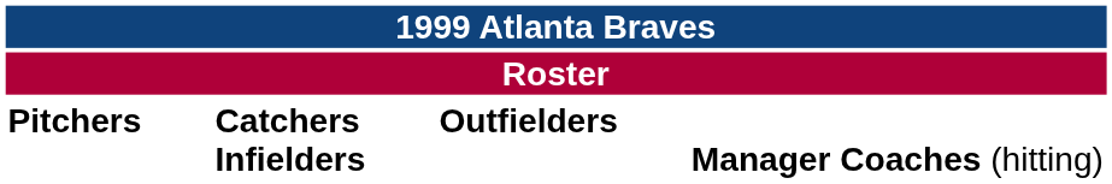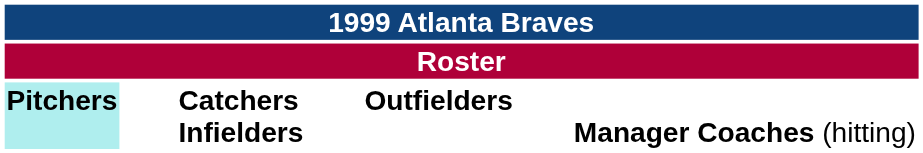 <table class="toccolours" style="font-size: 95%;">
 <tr>
 <th colspan="10" style="background-color: #0f437c; color: #FFFFFF; text-align: center;">1999 Atlanta Braves</th>
 </tr>
 <tr>
 <td colspan="10" style="background-color:#af0039; color: white; text-align: center;"><strong>Roster</strong></td>
 </tr>
 <tr>
-<td valign="top"><strong>Pitchers</strong><br>                     </td>
+<td valign="top" style="background: paleturquoise;"><strong>Pitchers</strong><br>                     </td>
 <td width="25px"></td>
 <td valign="top"><strong>Catchers</strong><br>     <strong>Infielders</strong>            </td>
 <td width="25px"></td>
 <td valign="top"><strong>Outfielders</strong><br>    </td>
 <td width="25px"></td>
 <td valign="top"><br><strong>Manager</strong>  <strong>Coaches</strong>  (hitting)     </td>
 </tr>
 </table>
